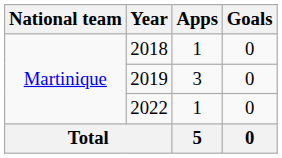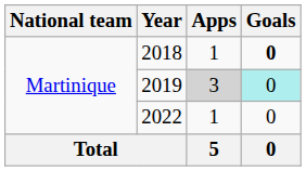 <table class="wikitable" style="text-align:center">
 <tr>
 <th>National team</th>
 <th>Year</th>
 <th>Apps</th>
 <th>Goals</th>
 </tr>
 <tr>
 <td rowspan="3"><a href='#'>Martinique</a></td>
 <td>2018</td>
 <td>1</td>
-<td>0</td>
+<td><strong>0</strong></td>
 </tr>
 <tr>
 <td>2019</td>
-<td>3</td>
-<td>0</td>
+<td style="background: lightgrey;">3</td>
+<td style="background: paleturquoise;">0</td>
 </tr>
 <tr>
 <td>2022</td>
 <td>1</td>
 <td>0</td>
 </tr>
 <tr>
 <th colspan=2>Total</th>
 <th>5</th>
 <th>0</th>
 </tr>
 </table>
